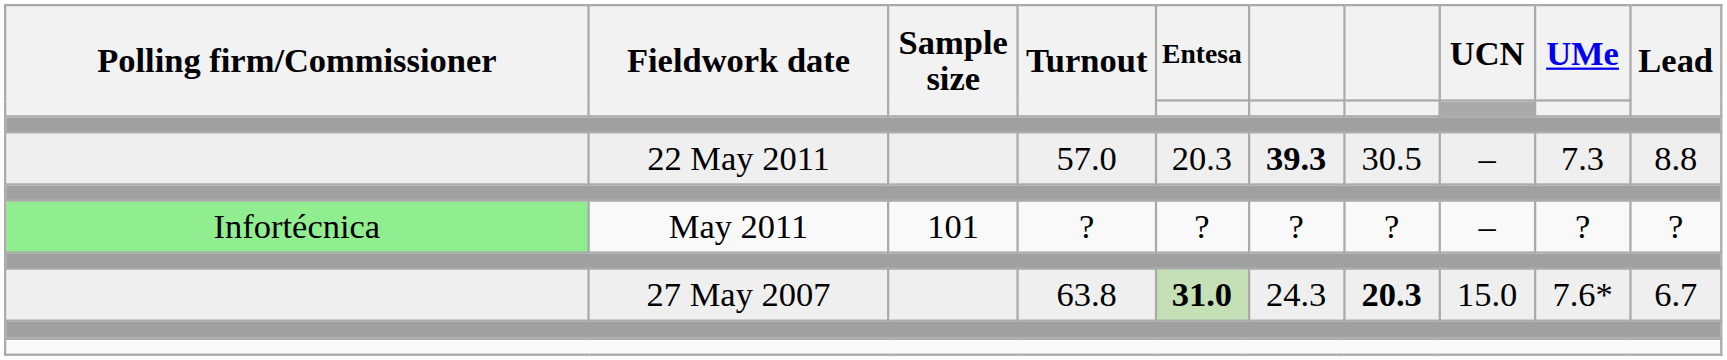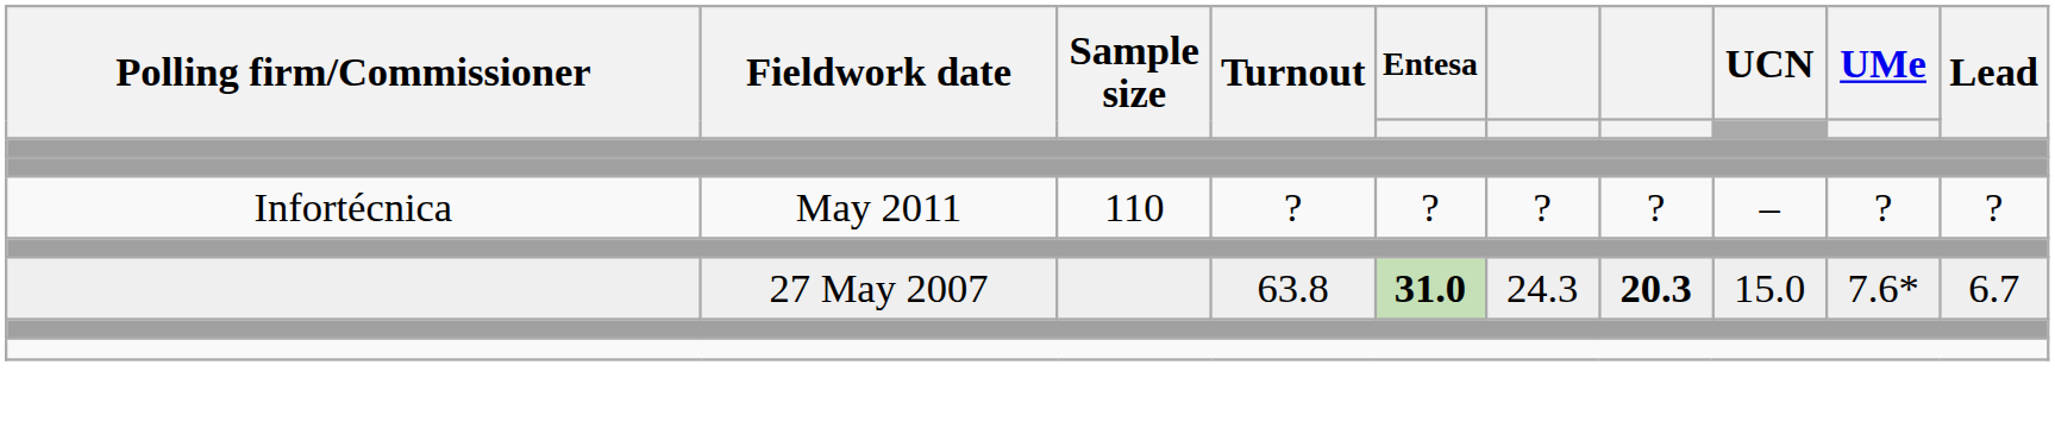 <table class="wikitable collapsible collapsed" style="text-align:center; font-size:95%; line-height:16px;">
 <tr style="height:42px;">
 <th style="width:250px;" rowspan="2">Polling firm/Commissioner</th>
 <th style="width:125px;" rowspan="2">Fieldwork date</th>
 <th style="width:50px;" rowspan="2">Sample size</th>
 <th style="width:45px;" rowspan="2">Turnout</th>
 <th style="width:35px; font-size:80%;">Entesa</th>
 <th style="width:35px;"></th>
 <th style="width:35px;"></th>
 <th style="width:35px;">UCN</th>
 <th style="width:35px;"><a href='#'>UMe</a></th>
 <th style="width:30px;" rowspan="2">Lead</th>
 </tr>
 <tr>
 <th style="color:inherit;background:"></th>
 <th style="color:inherit;background:"></th>
 <th style="color:inherit;background:"></th>
 <th style="color:inherit;background:#AAAAAA;"></th>
 <th style="color:inherit;background:"></th>
 </tr>
 <tr>
 <td colspan="10" style="background:#A0A0A0"></td>
 </tr>
-<tr style="background:#EFEFEF;">
-<td><strong></strong></td>
-<td>22 May 2011</td>
-<td></td>
-<td>57.0</td>
-<td>20.3<br></td>
-<td><strong>39.3</strong><br></td>
-<td>30.5<br></td>
-<td>–</td>
-<td>7.3<br></td>
-<td style="background:">8.8</td>
-</tr>
 <tr>
 <td colspan="10" style="background:#A0A0A0"></td>
 </tr>
 <tr>
-<td style="background: lightgreen;">Infortécnica</td>
+<td>Infortécnica</td>
 <td>May 2011</td>
-<td>101</td>
+<td>110</td>
 <td>?</td>
 <td>?<br></td>
 <td>?<br></td>
 <td>?<br></td>
 <td>–</td>
 <td>?<br></td>
 <td style="background:">?</td>
 </tr>
 <tr>
 <td colspan="10" style="background:#A0A0A0"></td>
 </tr>
 <tr style="background:#EFEFEF;">
 <td><strong></strong></td>
 <td>27 May 2007</td>
 <td></td>
 <td>63.8</td>
 <td style="background:#C5E0B6"><strong>31.0</strong><br></td>
 <td>24.3<br></td>
 <td><strong>20.3<br></strong></td>
 <td>15.0<br></td>
 <td>7.6*<br></td>
 <td style="background:">6.7</td>
 </tr>
 <tr>
 <td colspan="10" style="background:#A0A0A0"></td>
 </tr>
 <tr>
 <td align="left" colspan="10"></td>
 </tr>
 </table>
